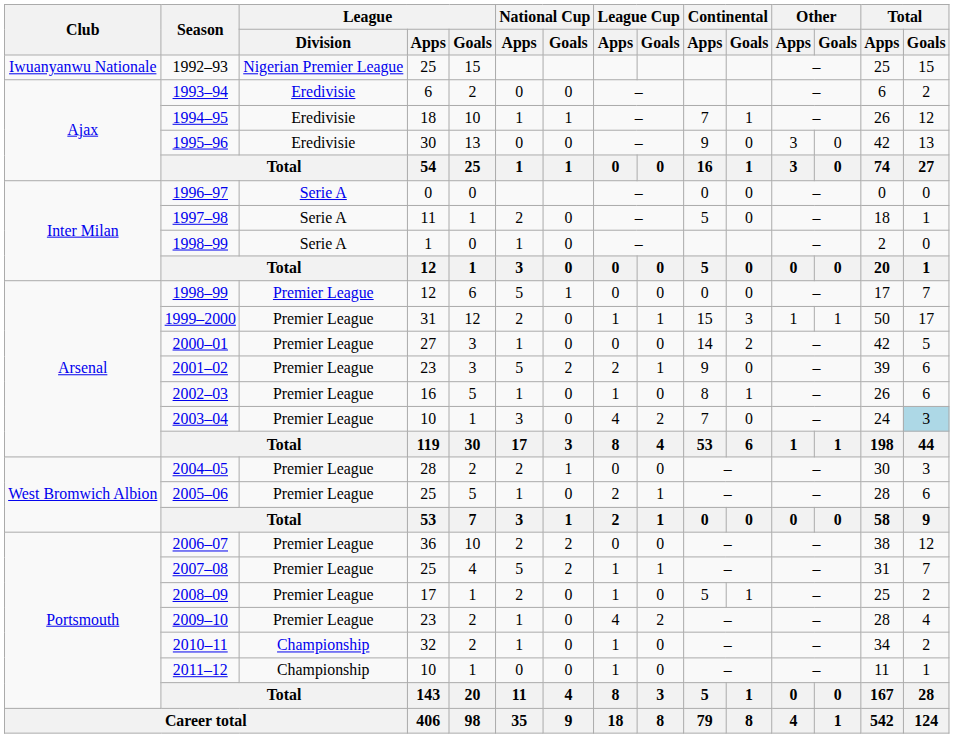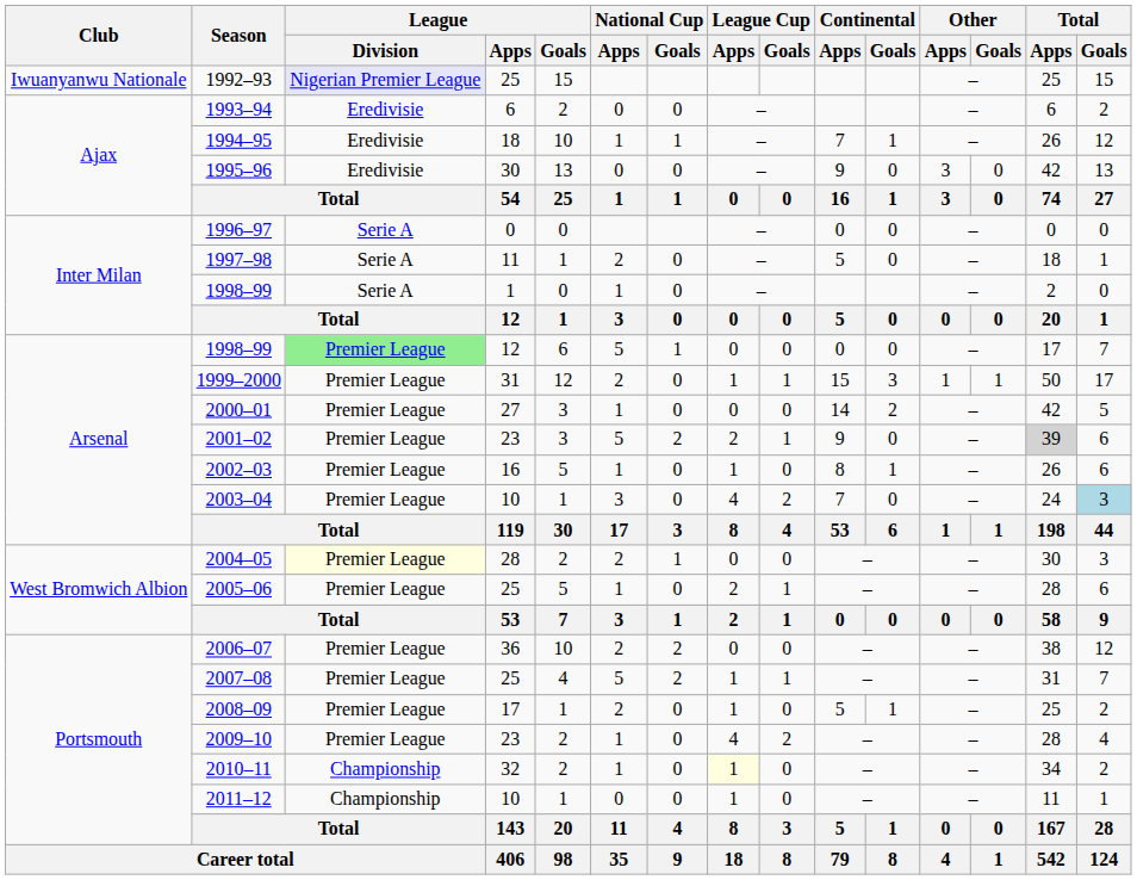 <table class="wikitable" style="text-align:center">
 <tr>
 <th rowspan="2">Club</th>
 <th rowspan="2">Season</th>
 <th colspan="3">League</th>
 <th colspan="2">National Cup</th>
 <th colspan="2">League Cup</th>
 <th colspan="2">Continental</th>
 <th colspan="2">Other</th>
 <th colspan="2">Total</th>
 </tr>
 <tr>
 <th>Division</th>
 <th>Apps</th>
 <th>Goals</th>
 <th>Apps</th>
 <th>Goals</th>
 <th>Apps</th>
 <th>Goals</th>
 <th>Apps</th>
 <th>Goals</th>
 <th>Apps</th>
 <th>Goals</th>
 <th>Apps</th>
 <th>Goals</th>
 </tr>
 <tr>
 <td><a href='#'>Iwuanyanwu Nationale</a></td>
 <td>1992–93</td>
-<td><a href='#'>Nigerian Premier League</a></td>
+<td style="background: lavender;"><a href='#'>Nigerian Premier League</a></td>
 <td>25</td>
 <td>15</td>
 <td></td>
 <td></td>
 <td></td>
 <td></td>
 <td></td>
 <td></td>
 <td colspan="2">–</td>
 <td>25</td>
 <td>15</td>
 </tr>
 <tr>
 <td rowspan="4"><a href='#'>Ajax</a></td>
 <td><a href='#'>1993–94</a></td>
 <td><a href='#'>Eredivisie</a></td>
 <td>6</td>
 <td>2</td>
 <td>0</td>
 <td>0</td>
 <td colspan="2">–</td>
 <td></td>
 <td></td>
 <td colspan="2">–</td>
 <td>6</td>
 <td>2</td>
 </tr>
 <tr>
 <td><a href='#'>1994–95</a></td>
 <td>Eredivisie</td>
 <td>18</td>
 <td>10</td>
 <td>1</td>
 <td>1</td>
 <td colspan="2">–</td>
 <td>7</td>
 <td>1</td>
 <td colspan="2">–</td>
 <td>26</td>
 <td>12</td>
 </tr>
 <tr>
 <td><a href='#'>1995–96</a></td>
 <td>Eredivisie</td>
 <td>30</td>
 <td>13</td>
 <td>0</td>
 <td>0</td>
 <td colspan="2">–</td>
 <td>9</td>
 <td>0</td>
 <td>3</td>
 <td>0</td>
 <td>42</td>
 <td>13</td>
 </tr>
 <tr>
 <th colspan="2">Total</th>
 <th>54</th>
 <th>25</th>
 <th>1</th>
 <th>1</th>
 <th>0</th>
 <th>0</th>
 <th>16</th>
 <th>1</th>
 <th>3</th>
 <th>0</th>
 <th>74</th>
 <th>27</th>
 </tr>
 <tr>
 <td rowspan="4"><a href='#'>Inter Milan</a></td>
 <td><a href='#'>1996–97</a></td>
 <td><a href='#'>Serie A</a></td>
 <td>0</td>
 <td>0</td>
 <td></td>
 <td></td>
 <td colspan="2">–</td>
 <td>0</td>
 <td>0</td>
 <td colspan="2">–</td>
 <td>0</td>
 <td>0</td>
 </tr>
 <tr>
 <td><a href='#'>1997–98</a></td>
 <td>Serie A</td>
 <td>11</td>
 <td>1</td>
 <td>2</td>
 <td>0</td>
 <td colspan="2">–</td>
 <td>5</td>
 <td>0</td>
 <td colspan="2">–</td>
 <td>18</td>
 <td>1</td>
 </tr>
 <tr>
 <td><a href='#'>1998–99</a></td>
 <td>Serie A</td>
 <td>1</td>
 <td>0</td>
 <td>1</td>
 <td>0</td>
 <td colspan="2">–</td>
 <td></td>
 <td></td>
 <td colspan="2">–</td>
 <td>2</td>
 <td>0</td>
 </tr>
 <tr>
 <th colspan="2">Total</th>
 <th>12</th>
 <th>1</th>
 <th>3</th>
 <th>0</th>
 <th>0</th>
 <th>0</th>
 <th>5</th>
 <th>0</th>
 <th>0</th>
 <th>0</th>
 <th>20</th>
 <th>1</th>
 </tr>
 <tr>
 <td rowspan="7"><a href='#'>Arsenal</a></td>
 <td><a href='#'>1998–99</a></td>
-<td><a href='#'>Premier League</a></td>
+<td style="background: lightgreen;"><a href='#'>Premier League</a></td>
 <td>12</td>
 <td>6</td>
 <td>5</td>
 <td>1</td>
 <td>0</td>
 <td>0</td>
 <td>0</td>
 <td>0</td>
 <td colspan="2">–</td>
 <td>17</td>
 <td>7</td>
 </tr>
 <tr>
 <td><a href='#'>1999–2000</a></td>
 <td>Premier League</td>
 <td>31</td>
 <td>12</td>
 <td>2</td>
 <td>0</td>
 <td>1</td>
 <td>1</td>
 <td>15</td>
 <td>3</td>
 <td>1</td>
 <td>1</td>
 <td>50</td>
 <td>17</td>
 </tr>
 <tr>
 <td><a href='#'>2000–01</a></td>
 <td>Premier League</td>
 <td>27</td>
 <td>3</td>
 <td>1</td>
 <td>0</td>
 <td>0</td>
 <td>0</td>
 <td>14</td>
 <td>2</td>
 <td colspan="2">–</td>
 <td>42</td>
 <td>5</td>
 </tr>
 <tr>
 <td><a href='#'>2001–02</a></td>
 <td>Premier League</td>
 <td>23</td>
 <td>3</td>
 <td>5</td>
 <td>2</td>
 <td>2</td>
 <td>1</td>
 <td>9</td>
 <td>0</td>
 <td colspan="2">–</td>
-<td>39</td>
+<td style="background: lightgrey;">39</td>
 <td>6</td>
 </tr>
 <tr>
 <td><a href='#'>2002–03</a></td>
 <td>Premier League</td>
 <td>16</td>
 <td>5</td>
 <td>1</td>
 <td>0</td>
 <td>1</td>
 <td>0</td>
 <td>8</td>
 <td>1</td>
 <td colspan="2">–</td>
 <td>26</td>
 <td>6</td>
 </tr>
 <tr>
 <td><a href='#'>2003–04</a></td>
 <td>Premier League</td>
 <td>10</td>
 <td>1</td>
 <td>3</td>
 <td>0</td>
 <td>4</td>
 <td>2</td>
 <td>7</td>
 <td>0</td>
 <td colspan="2">–</td>
 <td>24</td>
 <td style="background: lightblue;">3</td>
 </tr>
 <tr>
 <th colspan="2">Total</th>
 <th>119</th>
 <th>30</th>
 <th>17</th>
 <th>3</th>
 <th>8</th>
 <th>4</th>
 <th>53</th>
 <th>6</th>
 <th>1</th>
 <th>1</th>
 <th>198</th>
 <th>44</th>
 </tr>
 <tr>
 <td rowspan="3"><a href='#'>West Bromwich Albion</a></td>
 <td><a href='#'>2004–05</a></td>
-<td>Premier League</td>
+<td style="background: lightyellow;">Premier League</td>
 <td>28</td>
 <td>2</td>
 <td>2</td>
 <td>1</td>
 <td>0</td>
 <td>0</td>
 <td colspan="2">–</td>
 <td colspan="2">–</td>
 <td>30</td>
 <td>3</td>
 </tr>
 <tr>
 <td><a href='#'>2005–06</a></td>
 <td>Premier League</td>
 <td>25</td>
 <td>5</td>
 <td>1</td>
 <td>0</td>
 <td>2</td>
 <td>1</td>
 <td colspan="2">–</td>
 <td colspan="2">–</td>
 <td>28</td>
 <td>6</td>
 </tr>
 <tr>
 <th colspan="2">Total</th>
 <th>53</th>
 <th>7</th>
 <th>3</th>
 <th>1</th>
 <th>2</th>
 <th>1</th>
 <th>0</th>
 <th>0</th>
 <th>0</th>
 <th>0</th>
 <th>58</th>
 <th>9</th>
 </tr>
 <tr>
 <td rowspan="7"><a href='#'>Portsmouth</a></td>
 <td><a href='#'>2006–07</a></td>
 <td>Premier League</td>
 <td>36</td>
 <td>10</td>
 <td>2</td>
 <td>2</td>
 <td>0</td>
 <td>0</td>
 <td colspan="2">–</td>
 <td colspan="2">–</td>
 <td>38</td>
 <td>12</td>
 </tr>
 <tr>
 <td><a href='#'>2007–08</a></td>
 <td>Premier League</td>
 <td>25</td>
 <td>4</td>
 <td>5</td>
 <td>2</td>
 <td>1</td>
 <td>1</td>
 <td colspan="2">–</td>
 <td colspan="2">–</td>
 <td>31</td>
 <td>7</td>
 </tr>
 <tr>
 <td><a href='#'>2008–09</a></td>
 <td>Premier League</td>
 <td>17</td>
 <td>1</td>
 <td>2</td>
 <td>0</td>
 <td>1</td>
 <td>0</td>
 <td>5</td>
 <td>1</td>
 <td colspan="2">–</td>
 <td>25</td>
 <td>2</td>
 </tr>
 <tr>
 <td><a href='#'>2009–10</a></td>
 <td>Premier League</td>
 <td>23</td>
 <td>2</td>
 <td>1</td>
 <td>0</td>
 <td>4</td>
 <td>2</td>
 <td colspan="2">–</td>
 <td colspan="2">–</td>
 <td>28</td>
 <td>4</td>
 </tr>
 <tr>
 <td><a href='#'>2010–11</a></td>
 <td><a href='#'>Championship</a></td>
 <td>32</td>
 <td>2</td>
 <td>1</td>
 <td>0</td>
-<td>1</td>
+<td style="background: lightyellow;">1</td>
 <td>0</td>
 <td colspan="2">–</td>
 <td colspan="2">–</td>
 <td>34</td>
 <td>2</td>
 </tr>
 <tr>
 <td><a href='#'>2011–12</a></td>
 <td>Championship</td>
 <td>10</td>
 <td>1</td>
 <td>0</td>
 <td>0</td>
 <td>1</td>
 <td>0</td>
 <td colspan="2">–</td>
 <td colspan="2">–</td>
 <td>11</td>
 <td>1</td>
 </tr>
 <tr>
 <th colspan="2">Total</th>
 <th>143</th>
 <th>20</th>
 <th>11</th>
 <th>4</th>
 <th>8</th>
 <th>3</th>
 <th>5</th>
 <th>1</th>
 <th>0</th>
 <th>0</th>
 <th>167</th>
 <th>28</th>
 </tr>
 <tr>
 <th colspan="3">Career total</th>
 <th>406</th>
 <th>98</th>
 <th>35</th>
 <th>9</th>
 <th>18</th>
 <th>8</th>
 <th>79</th>
 <th>8</th>
 <th>4</th>
 <th>1</th>
 <th>542</th>
 <th>124</th>
 </tr>
 </table>
